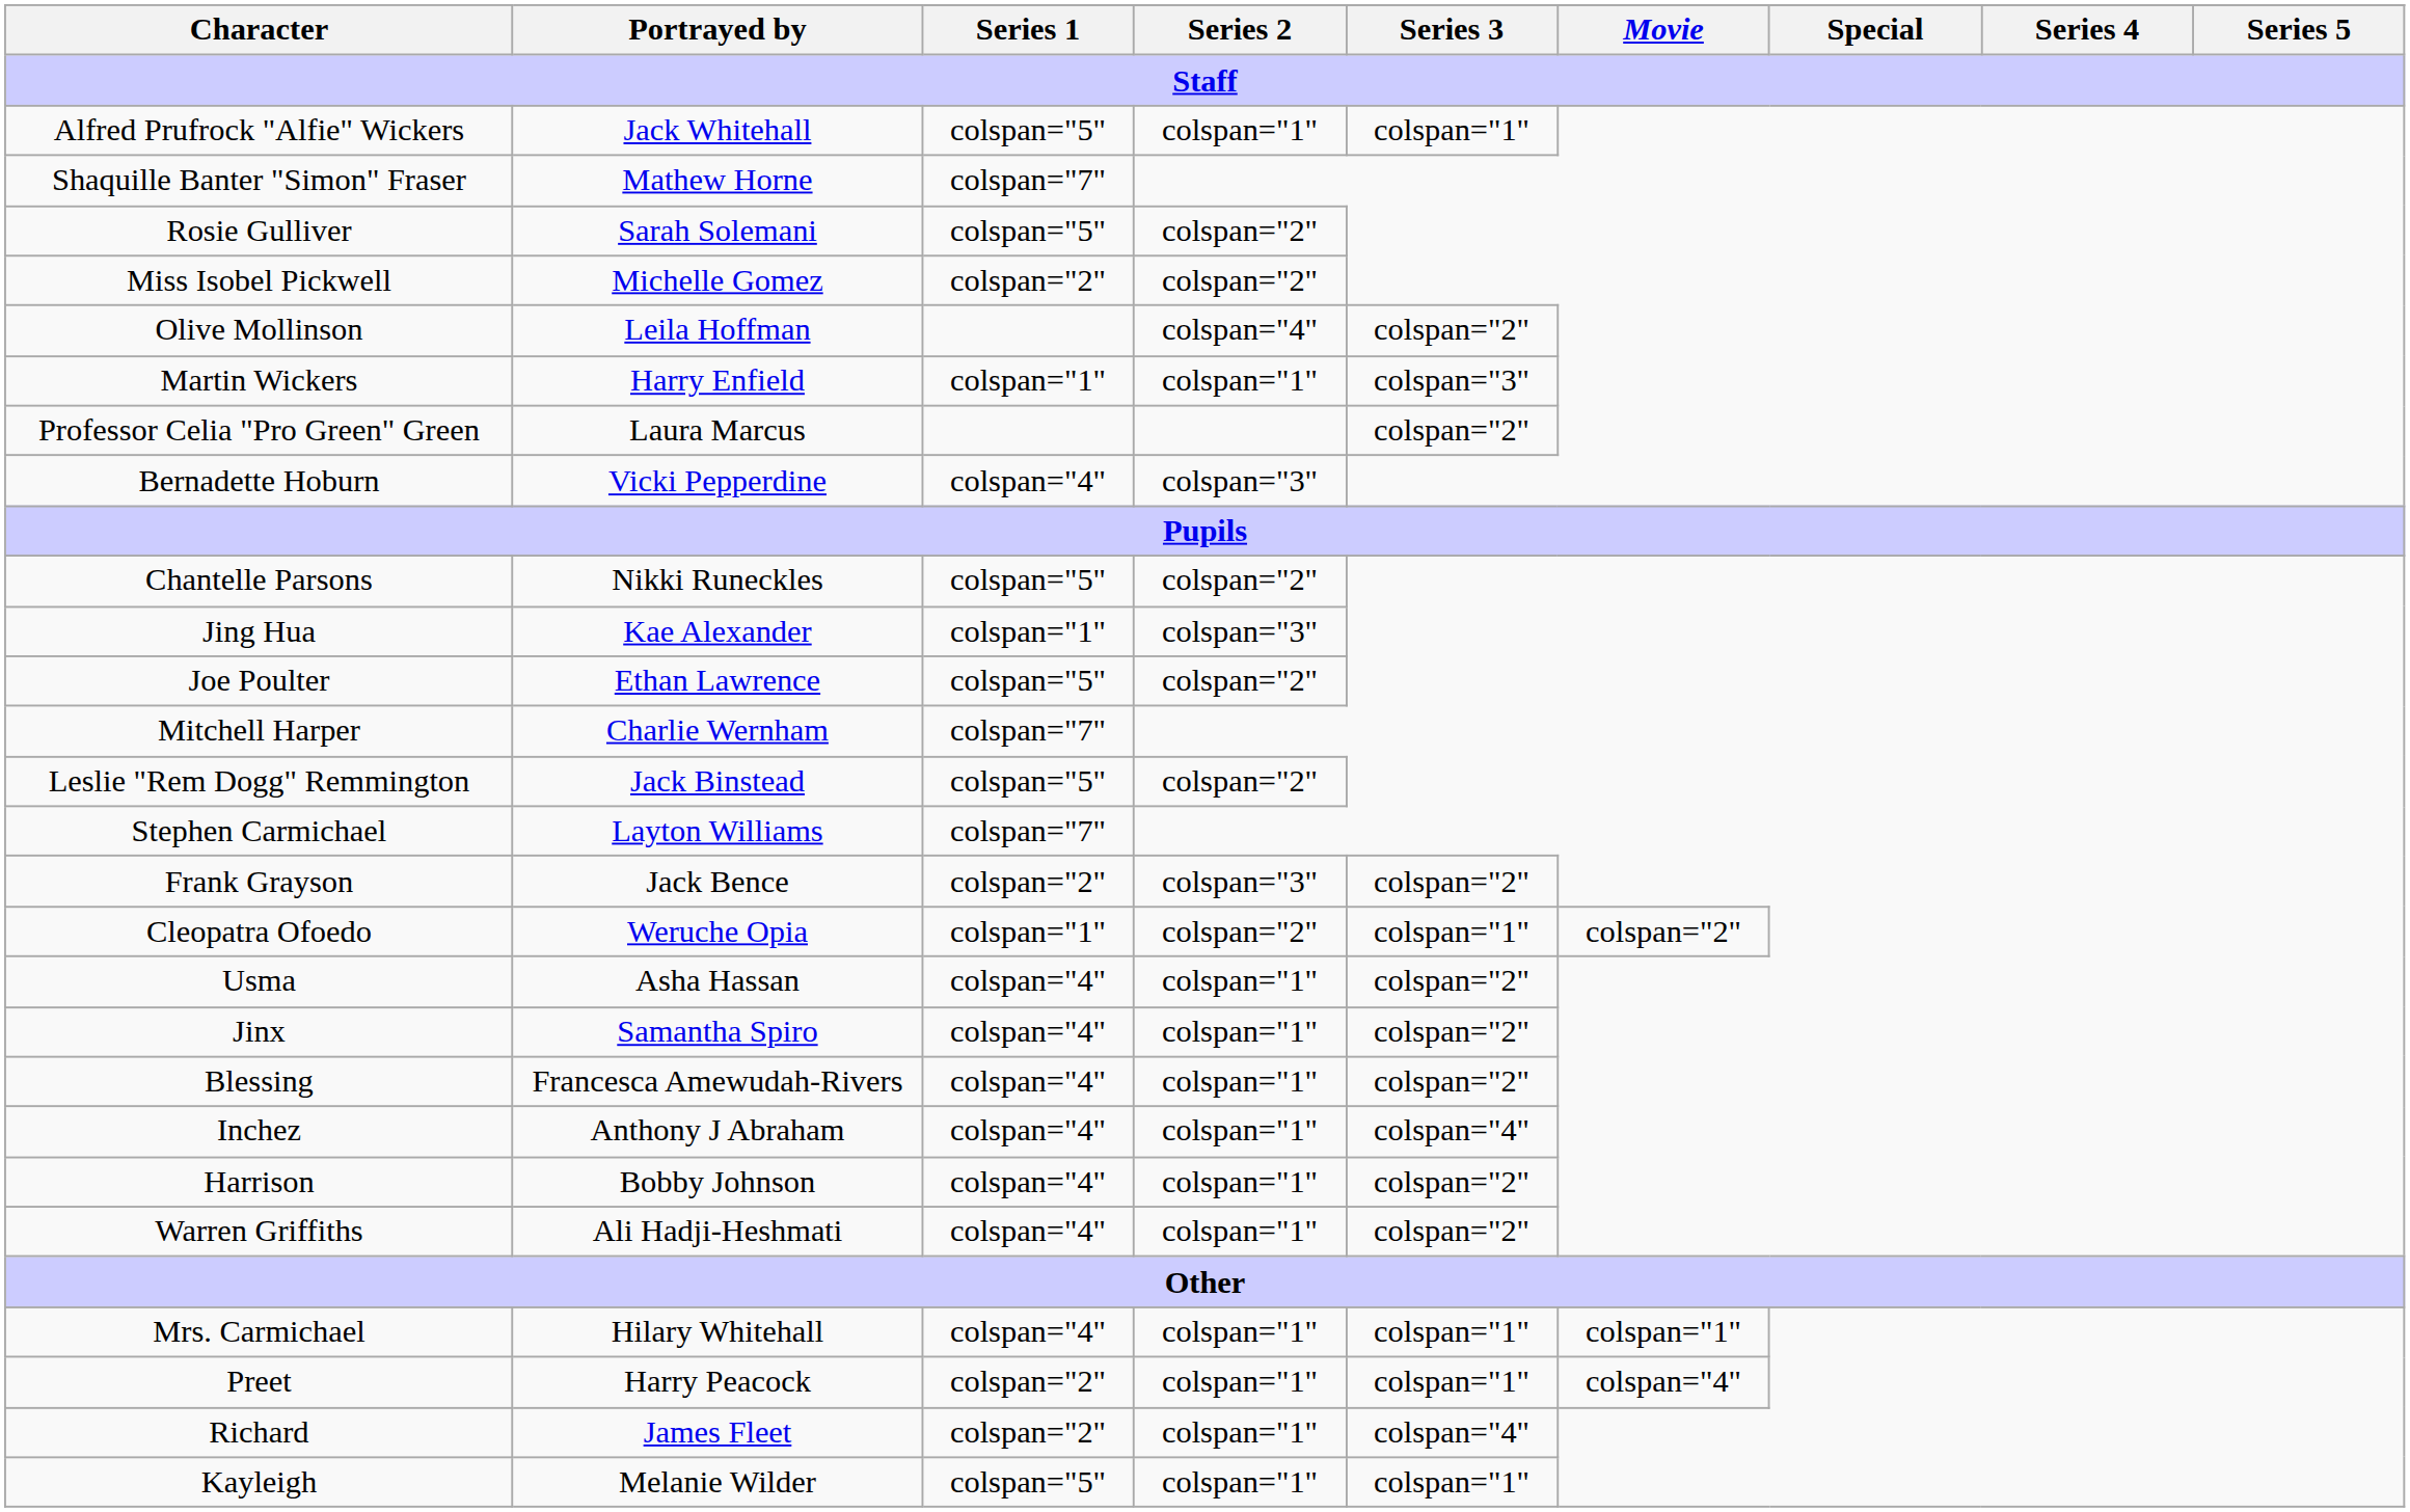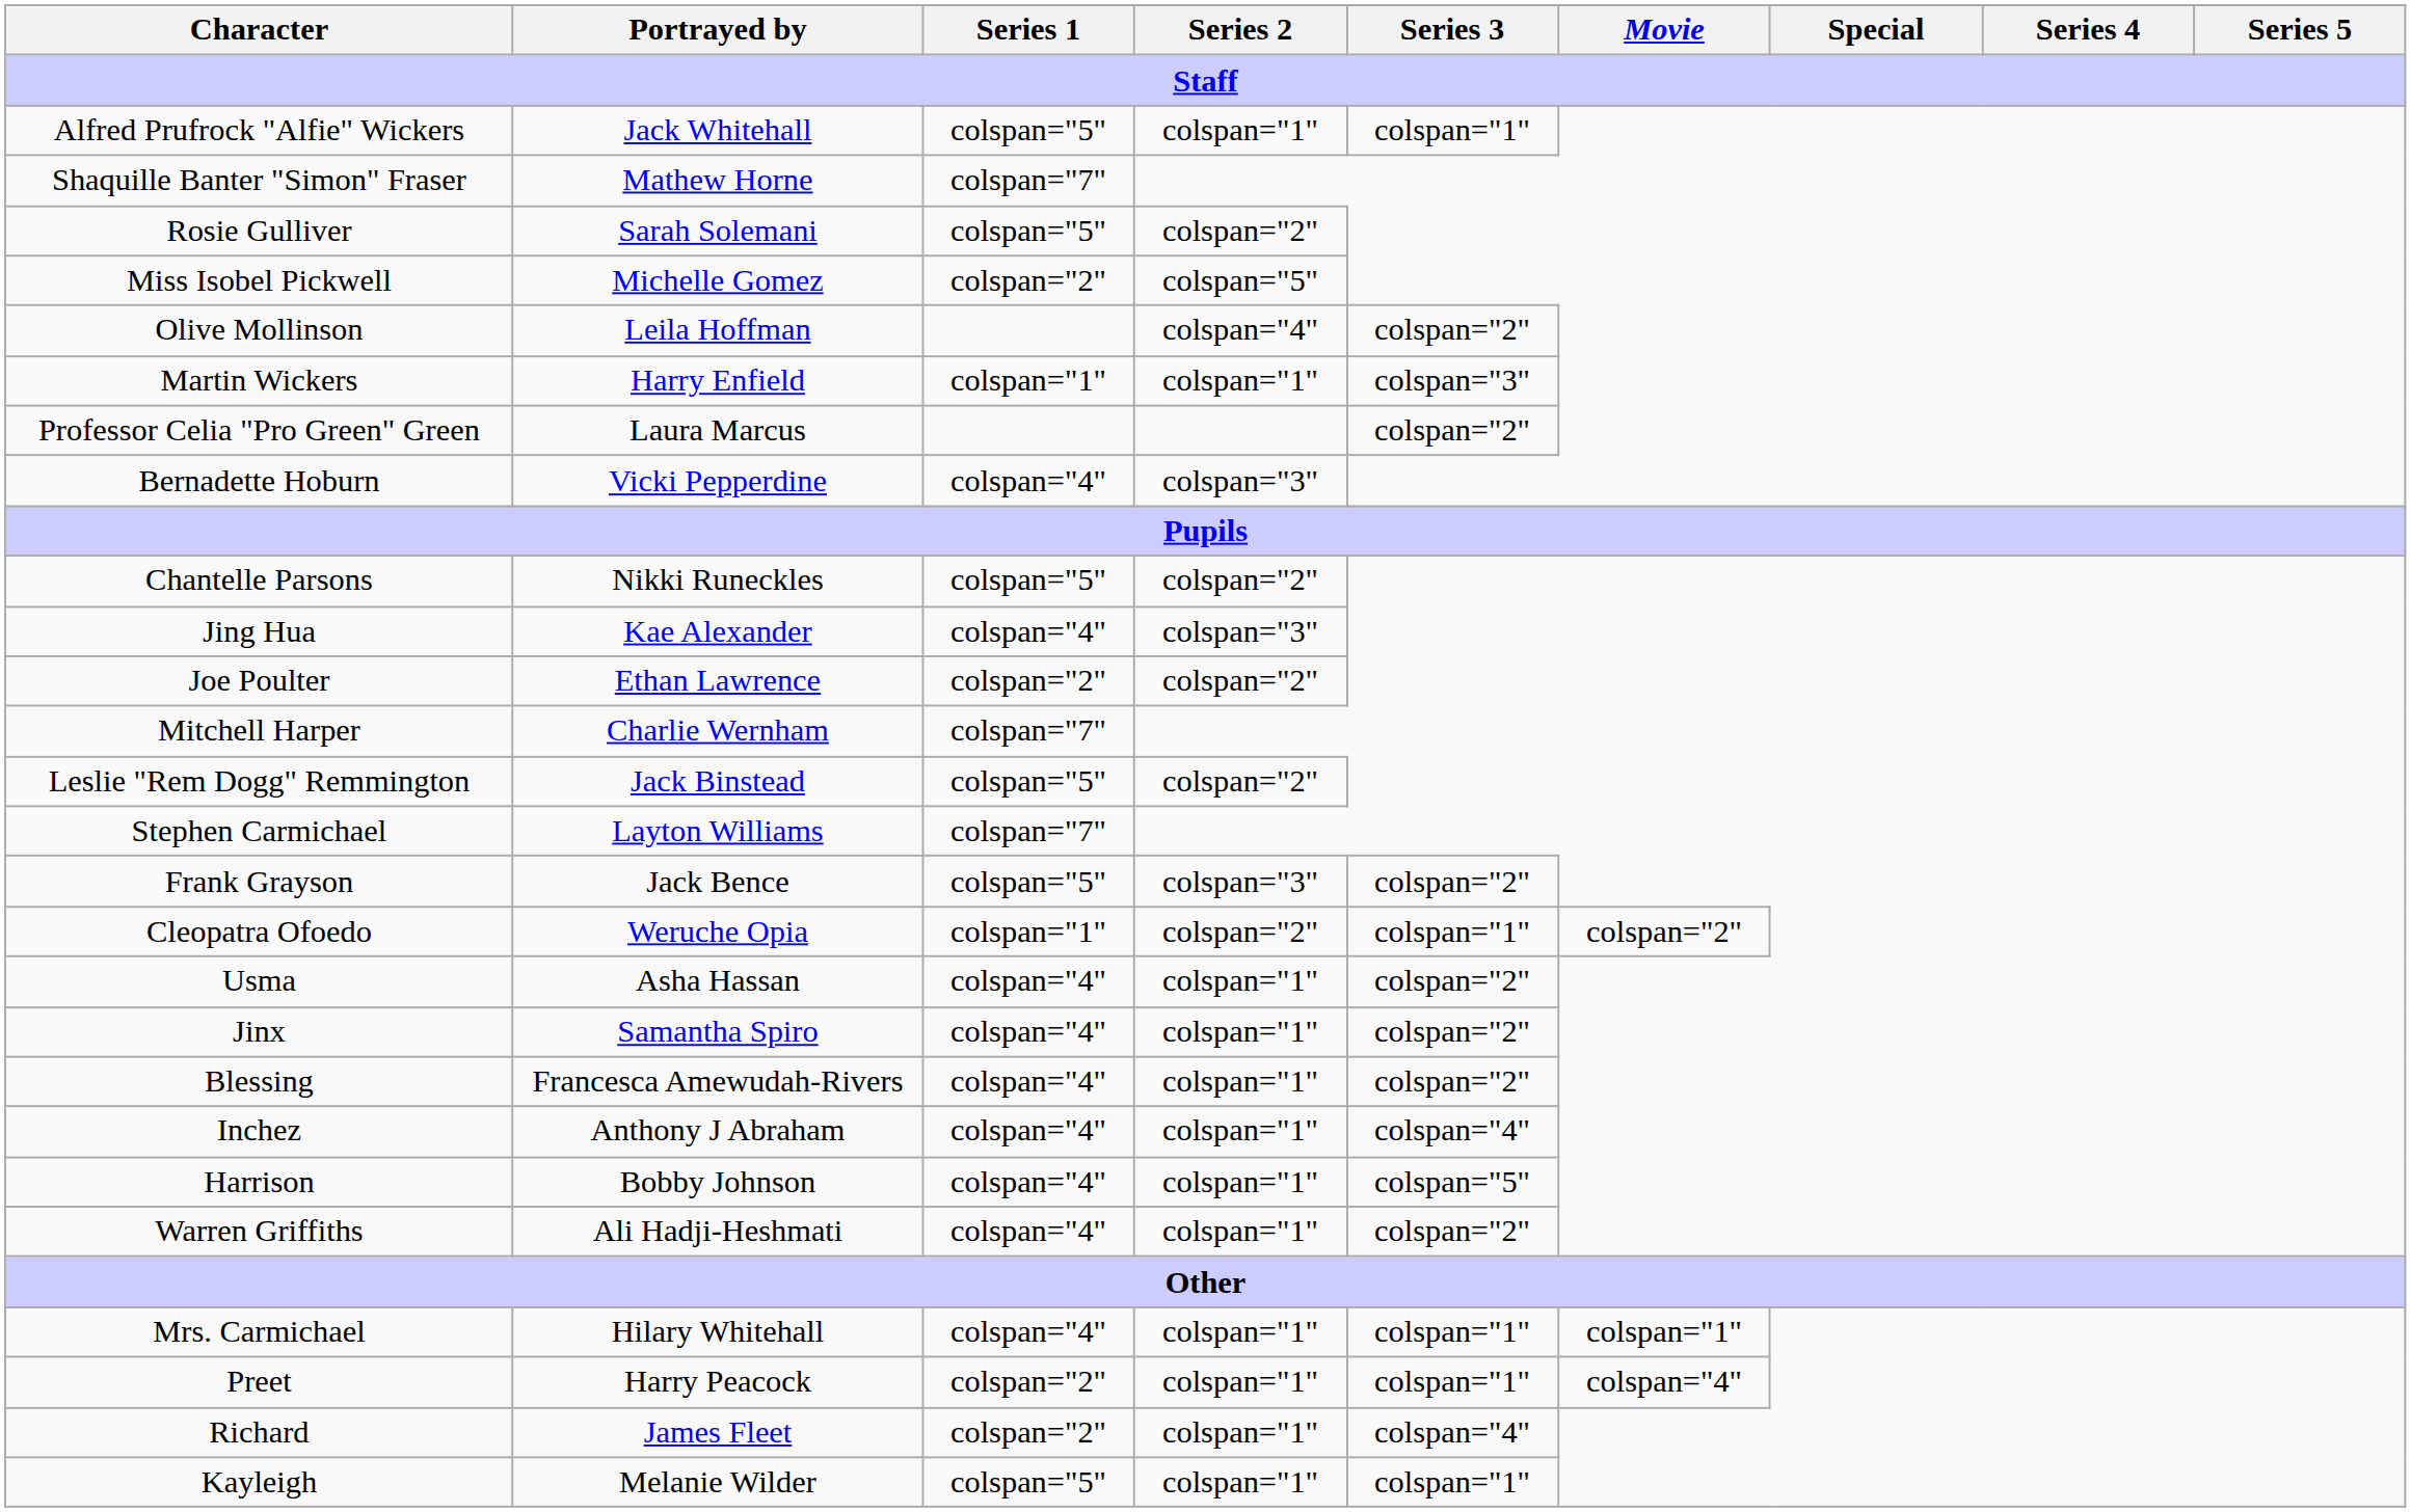 <table class="wikitable plainrowheaders" style="text-align:center;">
 <tr>
 <th scope="col" rowspan="2"  style="width:250px;">Character</th>
 <th scope="col" rowspan="2"  style="width:200px;">Portrayed by</th>
 </tr>
 <tr>
 <th style="width:100px;">Series 1</th>
 <th style="width:100px;">Series 2</th>
 <th style="width:100px;">Series 3</th>
 <th style="width:100px;"><em><a href='#'>Movie</a></em></th>
 <th style="width:100px;">Special</th>
 <th style="width:100px;">Series 4</th>
 <th style="width:100px;">Series 5</th>
 </tr>
 <tr>
 <th colspan="9" style="background:#ccf;"><a href='#'>Staff</a></th>
 </tr>
 <tr>
 <td scope="row">Alfred Prufrock "Alfie" Wickers</td>
 <td><a href='#'>Jack Whitehall</a></td>
 <td>colspan="5" </td>
 <td>colspan="1" </td>
 <td>colspan="1" </td>
 </tr>
 <tr>
 <td scope="row">Shaquille Banter "Simon" Fraser</td>
 <td><a href='#'>Mathew Horne</a></td>
 <td>colspan="7" </td>
 </tr>
 <tr>
 <td scope="row">Rosie Gulliver</td>
 <td><a href='#'>Sarah Solemani</a></td>
 <td>colspan="5" </td>
 <td>colspan="2" </td>
 </tr>
 <tr>
 <td scope="row">Miss Isobel Pickwell</td>
 <td><a href='#'>Michelle Gomez</a></td>
 <td>colspan="2" </td>
-<td>colspan="2" </td>
+<td>colspan="5" </td>
 </tr>
 <tr>
 <td scope="row">Olive Mollinson</td>
 <td><a href='#'>Leila Hoffman</a></td>
 <td></td>
 <td>colspan="4" </td>
 <td>colspan="2" </td>
 </tr>
 <tr>
 <td scope="row">Martin Wickers</td>
 <td><a href='#'>Harry Enfield</a></td>
 <td>colspan="1" </td>
 <td>colspan="1" </td>
 <td>colspan="3" </td>
 </tr>
 <tr>
 <td scope="row">Professor Celia "Pro Green" Green</td>
 <td>Laura Marcus</td>
 <td></td>
 <td></td>
 <td>colspan="2" </td>
 </tr>
 <tr>
 <td scope="row">Bernadette Hoburn</td>
 <td><a href='#'>Vicki Pepperdine</a></td>
 <td>colspan="4" </td>
 <td>colspan="3" </td>
 </tr>
 <tr>
 <th colspan="9" style="background:#ccf;"><a href='#'>Pupils</a></th>
 </tr>
 <tr>
 <td scope="row">Chantelle Parsons</td>
 <td>Nikki Runeckles</td>
 <td>colspan="5" </td>
 <td>colspan="2" </td>
 </tr>
 <tr>
 <td scope="row">Jing Hua</td>
 <td><a href='#'>Kae Alexander</a></td>
-<td>colspan="1" </td>
+<td>colspan="4" </td>
 <td>colspan="3" </td>
 </tr>
 <tr>
 <td scope="row">Joe Poulter</td>
 <td><a href='#'>Ethan Lawrence</a></td>
-<td>colspan="5" </td>
+<td>colspan="2" </td>
 <td>colspan="2" </td>
 </tr>
 <tr>
 <td scope="row">Mitchell Harper</td>
 <td><a href='#'>Charlie Wernham</a></td>
 <td>colspan="7" </td>
 </tr>
 <tr>
 <td scope="row">Leslie "Rem Dogg" Remmington</td>
 <td><a href='#'>Jack Binstead</a></td>
 <td>colspan="5" </td>
 <td>colspan="2" </td>
 </tr>
 <tr>
 <td scope="row">Stephen Carmichael</td>
 <td><a href='#'>Layton Williams</a></td>
 <td>colspan="7" </td>
 </tr>
 <tr>
 <td scope="row">Frank Grayson</td>
 <td>Jack Bence</td>
-<td>colspan="2" </td>
+<td>colspan="5" </td>
 <td>colspan="3" </td>
 <td>colspan="2" </td>
 </tr>
 <tr>
 <td scope="row">Cleopatra Ofoedo</td>
 <td><a href='#'>Weruche Opia</a></td>
 <td>colspan="1" </td>
 <td>colspan="2" </td>
 <td>colspan="1" </td>
 <td>colspan="2" </td>
 </tr>
 <tr>
 <td scope="row">Usma</td>
 <td>Asha Hassan</td>
 <td>colspan="4" </td>
 <td>colspan="1" </td>
 <td>colspan="2" </td>
 </tr>
 <tr>
 <td scope="row">Jinx</td>
 <td><a href='#'>Samantha Spiro</a></td>
 <td>colspan="4" </td>
 <td>colspan="1" </td>
 <td>colspan="2" </td>
 </tr>
 <tr>
 <td scope="row">Blessing</td>
 <td>Francesca Amewudah-Rivers</td>
 <td>colspan="4" </td>
 <td>colspan="1" </td>
 <td>colspan="2" </td>
 </tr>
 <tr>
 <td scope="row">Inchez</td>
 <td>Anthony J Abraham</td>
 <td>colspan="4" </td>
 <td>colspan="1" </td>
 <td>colspan="4" </td>
 </tr>
 <tr>
 <td scope="row">Harrison</td>
 <td>Bobby Johnson</td>
 <td>colspan="4" </td>
 <td>colspan="1" </td>
-<td>colspan="2" </td>
+<td>colspan="5" </td>
 </tr>
 <tr>
 <td scope="row">Warren Griffiths</td>
 <td>Ali Hadji-Heshmati</td>
 <td>colspan="4" </td>
 <td>colspan="1" </td>
 <td>colspan="2" </td>
 </tr>
 <tr>
 <th colspan="9" style="background:#ccf;">Other</th>
 </tr>
 <tr>
 <td scope="row">Mrs. Carmichael</td>
 <td>Hilary Whitehall</td>
 <td>colspan="4" </td>
 <td>colspan="1" </td>
 <td>colspan="1" </td>
 <td>colspan="1" </td>
 </tr>
 <tr>
 <td scope="row">Preet</td>
 <td>Harry Peacock</td>
 <td>colspan="2" </td>
 <td>colspan="1" </td>
 <td>colspan="1" </td>
 <td>colspan="4" </td>
 </tr>
 <tr>
 <td scope="row">Richard</td>
 <td><a href='#'>James Fleet</a></td>
 <td>colspan="2" </td>
 <td>colspan="1" </td>
 <td>colspan="4" </td>
 </tr>
 <tr>
 <td scope="row">Kayleigh</td>
 <td>Melanie Wilder</td>
 <td>colspan="5" </td>
 <td>colspan="1" </td>
 <td>colspan="1" </td>
 </tr>
 </table>
